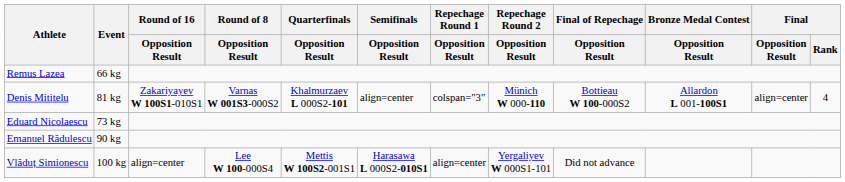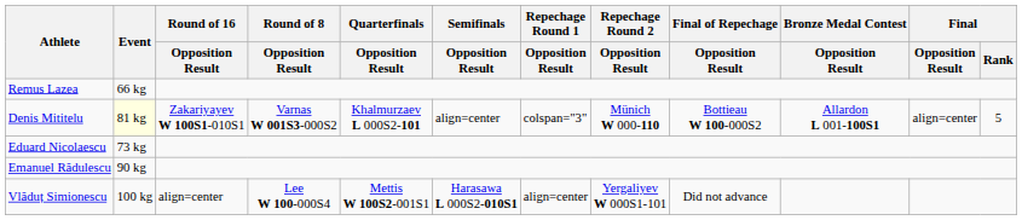 <table class="wikitable" style="font-size:90%">
 <tr>
 <th rowspan="2">Athlete</th>
 <th rowspan="2">Event</th>
 <th colspan="1">Round of 16</th>
 <th colspan="1">Round of 8</th>
 <th colspan="1">Quarterfinals</th>
 <th colspan="1">Semifinals</th>
 <th colspan="1">Repechage<br>Round 1</th>
 <th colspan="1">Repechage<br>Round 2</th>
 <th colspan="1">Final of Repechage</th>
 <th colspan="1">Bronze Medal Contest</th>
 <th colspan="2">Final</th>
 </tr>
 <tr>
 <th>Opposition<br>Result</th>
 <th>Opposition<br>Result</th>
 <th>Opposition<br>Result</th>
 <th>Opposition<br>Result</th>
 <th>Opposition<br>Result</th>
 <th>Opposition<br>Result</th>
 <th>Opposition<br>Result</th>
 <th>Opposition<br>Result</th>
 <th>Opposition<br>Result</th>
 <th>Rank</th>
 </tr>
 <tr>
 <td><a href='#'>Remus Lazea</a></td>
 <td>66 kg</td>
 <td colspan="10"></td>
 </tr>
 <tr>
 <td><a href='#'>Denis Mititelu</a></td>
-<td>81 kg</td>
+<td style="background: lightyellow;">81 kg</td>
 <td align=center> <a href='#'>Zakariyayev</a> <br><strong>W</strong> <strong>100S1</strong>-010S1</td>
 <td align=center> <a href='#'>Varnas</a> <br><strong>W</strong> <strong>001S3</strong>-000S2</td>
 <td align=center> <a href='#'>Khalmurzaev</a> <br><strong>L</strong> 000S2-<strong>101</strong></td>
 <td>align=center </td>
 <td>colspan="3" </td>
 <td align=center> <a href='#'>Münich</a> <br><strong>W</strong> 000-<strong>110</strong></td>
 <td align=center> <a href='#'>Bottieau</a> <br><strong>W</strong> <strong>100</strong>-000S2</td>
 <td align=center> <a href='#'>Allardon</a> <br><strong>L</strong> 001-<strong>100S1</strong></td>
 <td>align=center </td>
-<td align=center>4</td>
+<td align=center>5</td>
 </tr>
 <tr>
 <td><a href='#'>Eduard Nicolaescu</a></td>
 <td>73 kg</td>
 <td colspan="10"></td>
 </tr>
 <tr>
 <td><a href='#'>Emanuel Rădulescu</a></td>
 <td>90 kg</td>
 <td colspan="10"></td>
 </tr>
 <tr>
 <td><a href='#'>Vlăduț Simionescu</a></td>
 <td>100 kg</td>
 <td>align=center </td>
 <td align=center> <a href='#'>Lee</a> <br><strong>W</strong> <strong>100</strong>-000S4</td>
 <td align=center> <a href='#'>Mettis</a> <br><strong>W</strong> <strong>100S2</strong>-001S1</td>
 <td align=center> <a href='#'>Harasawa</a> <br><strong>L</strong> 000S2-<strong>010S1</strong></td>
 <td>align=center </td>
 <td align=center> <a href='#'>Yergaliyev</a> <br><strong>W</strong> 000S1-101</td>
 <td align=center>Did not advance</td>
 <td align=center></td>
 </tr>
 </table>
